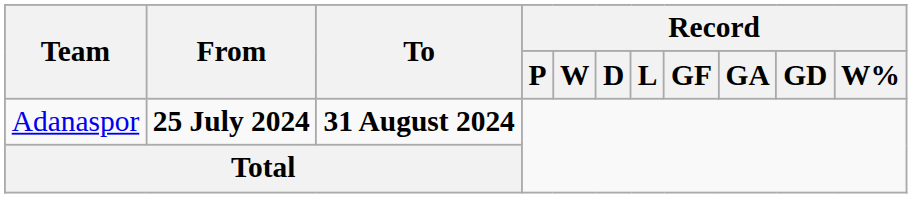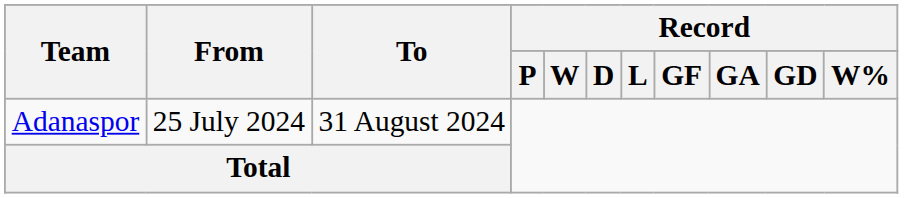 <table class="wikitable" style="text-align:center">
 <tr>
 <th rowspan="2">Team</th>
 <th rowspan="2">From</th>
 <th rowspan="2">To</th>
 <th colspan="8">Record</th>
 </tr>
 <tr>
 <th>P</th>
 <th>W</th>
 <th>D</th>
 <th>L</th>
 <th>GF</th>
 <th>GA</th>
 <th>GD</th>
 <th>W%</th>
 </tr>
 <tr>
 <td align=left><a href='#'>Adanaspor</a></td>
-<td align=left><strong>25 July 2024</strong></td>
-<td align=left><strong>31 August 2024<br></strong></td>
+<td align=left>25 July 2024</td>
+<td align=left>31 August 2024<br></td>
 </tr>
 <tr>
 <th colspan="3">Total<br></th>
 </tr>
 </table>
